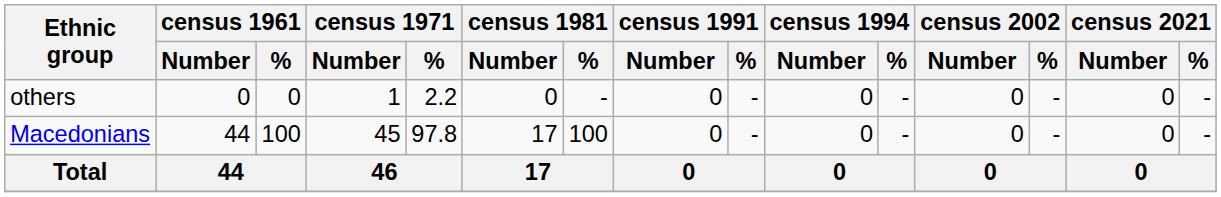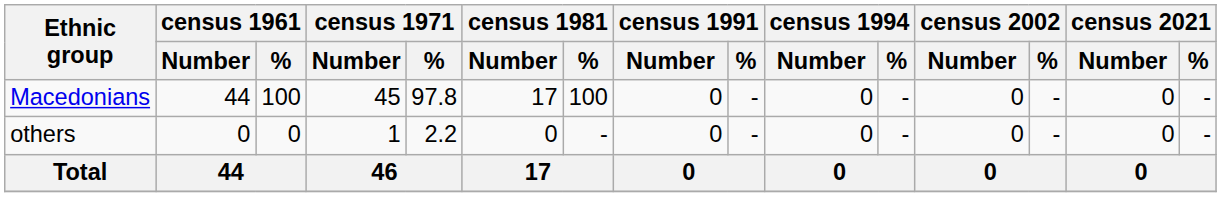 <table class="wikitable">
 <tr>
 <th rowspan="2">Ethnic<br>group</th>
 <th colspan="2">census 1961</th>
 <th colspan="2">census 1971</th>
 <th colspan="2">census 1981</th>
 <th colspan="2">census 1991</th>
 <th colspan="2">census 1994</th>
 <th colspan="2">census 2002</th>
 <th colspan="2">census 2021</th>
 </tr>
 <tr bgcolor="#e0e0e0">
 <th>Number</th>
 <th>%</th>
 <th>Number</th>
 <th>%</th>
 <th>Number</th>
 <th>%</th>
 <th>Number</th>
 <th>%</th>
 <th>Number</th>
 <th>%</th>
 <th>Number</th>
 <th>%</th>
 <th>Number</th>
 <th>%</th>
 </tr>
 <tr>
-<td>others</td>
-<td align="right">0</td>
-<td align="right">0</td>
-<td align="right">1</td>
-<td align="right">2.2</td>
-<td align="right">0</td>
-<td align="right">-</td>
+<td><a href='#'>Macedonians</a></td>
+<td align="right">44</td>
+<td align="right">100</td>
+<td align="right">45</td>
+<td align="right">97.8</td>
+<td align="right">17</td>
+<td align="right">100</td>
 <td align="right">0</td>
 <td align="right">-</td>
 <td align="right">0</td>
 <td align="right">-</td>
 <td align="right">0</td>
 <td align="right">-</td>
 <td align="right">0</td>
 <td align="right">-</td>
 </tr>
 <tr>
-<td><a href='#'>Macedonians</a></td>
-<td align="right">44</td>
-<td align="right">100</td>
-<td align="right">45</td>
-<td align="right">97.8</td>
-<td align="right">17</td>
-<td align="right">100</td>
+<td>others</td>
+<td align="right">0</td>
+<td align="right">0</td>
+<td align="right">1</td>
+<td align="right">2.2</td>
+<td align="right">0</td>
+<td align="right">-</td>
 <td align="right">0</td>
 <td align="right">-</td>
 <td align="right">0</td>
 <td align="right">-</td>
 <td align="right">0</td>
 <td align="right">-</td>
 <td align="right">0</td>
 <td align="right">-</td>
 </tr>
 <tr bgcolor="#e0e0e0">
 <th align="left">Total</th>
 <th colspan="2">44</th>
 <th colspan="2">46</th>
 <th colspan="2">17</th>
 <th colspan="2">0</th>
 <th colspan="2">0</th>
 <th colspan="2">0</th>
 <th colspan="2">0</th>
 </tr>
 <tr>
 </tr>
 </table>
